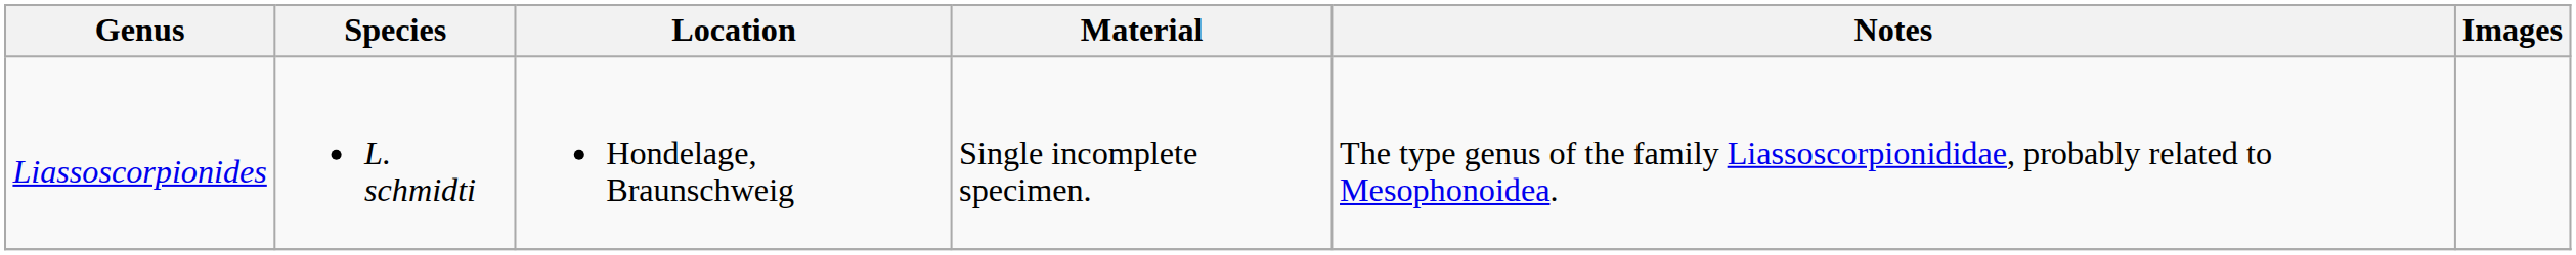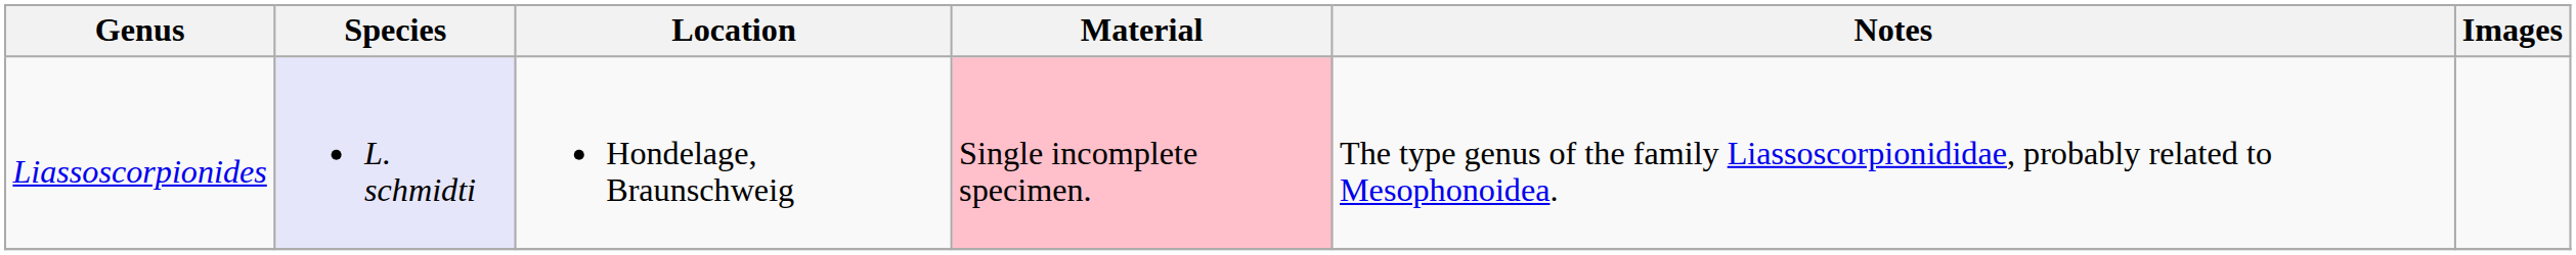 <table class = "wikitable">
 <tr>
 <th>Genus</th>
 <th>Species</th>
 <th>Location</th>
 <th>Material</th>
 <th>Notes</th>
 <th>Images</th>
 </tr>
 <tr>
 <td><br><em><a href='#'>Liassoscorpionides</a></em></td>
-<td><br><ul><li><em>L. schmidti</em></li></ul></td>
+<td style="background: lavender;"><br><ul><li><em>L. schmidti</em></li></ul></td>
 <td><br><ul><li>Hondelage, Braunschweig</li></ul></td>
-<td><br>Single incomplete specimen.</td>
+<td style="background: pink;"><br>Single incomplete specimen.</td>
 <td><br>The type genus of the family <a href='#'>Liassoscorpionididae</a>, probably related to <a href='#'>Mesophonoidea</a>.</td>
 <td></td>
 </tr>
 <tr>
 </tr>
 </table>
